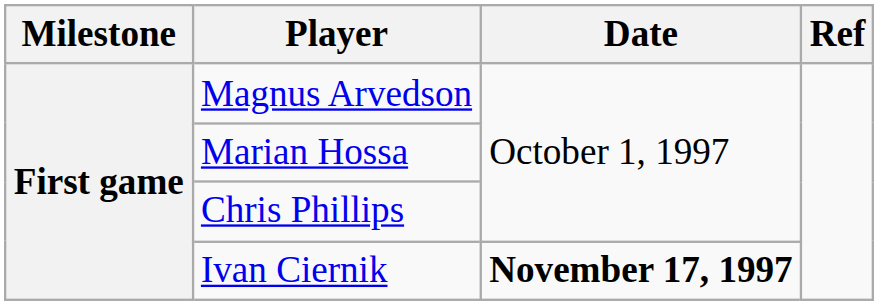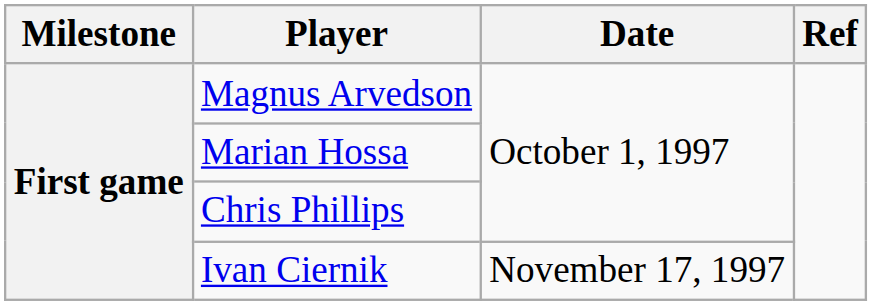 <table class="wikitable">
 <tr>
 <th scope="col">Milestone</th>
 <th scope="col">Player</th>
 <th scope="col">Date</th>
 <th scope="col">Ref</th>
 </tr>
 <tr>
 <th rowspan=4>First game</th>
 <td><a href='#'>Magnus Arvedson</a></td>
 <td rowspan=3>October 1, 1997</td>
 <td rowspan=4></td>
 </tr>
 <tr>
 <td><a href='#'>Marian Hossa</a></td>
 </tr>
 <tr>
 <td><a href='#'>Chris Phillips</a></td>
 </tr>
 <tr>
 <td><a href='#'>Ivan Ciernik</a></td>
-<td><strong>November 17, 1997</strong></td>
+<td>November 17, 1997</td>
 </tr>
 </table>
